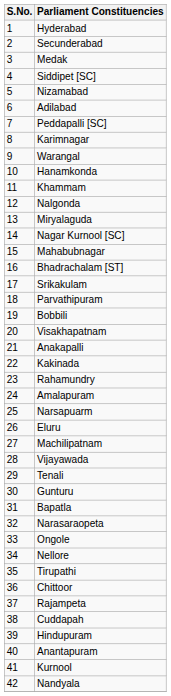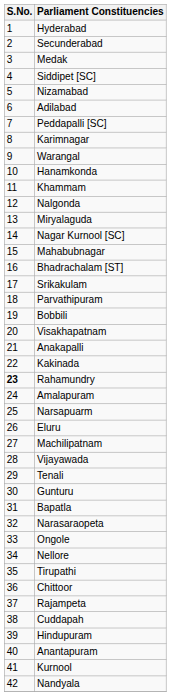 <table class="wikitable">
 <tr>
 <th>S.No.</th>
 <th>Parliament Constituencies</th>
 </tr>
 <tr>
 <td>1</td>
 <td>Hyderabad</td>
 </tr>
 <tr>
 <td>2</td>
 <td>Secunderabad</td>
 </tr>
 <tr>
 <td>3</td>
 <td>Medak</td>
 </tr>
 <tr>
 <td>4</td>
 <td>Siddipet [SC]</td>
 </tr>
 <tr>
 <td>5</td>
 <td>Nizamabad</td>
 </tr>
 <tr>
 <td>6</td>
 <td>Adilabad</td>
 </tr>
 <tr>
 <td>7</td>
 <td>Peddapalli [SC]</td>
 </tr>
 <tr>
 <td>8</td>
 <td>Karimnagar</td>
 </tr>
 <tr>
 <td>9</td>
 <td>Warangal</td>
 </tr>
 <tr>
 <td>10</td>
 <td>Hanamkonda</td>
 </tr>
 <tr>
 <td>11</td>
 <td>Khammam</td>
 </tr>
 <tr>
 <td>12</td>
 <td>Nalgonda</td>
 </tr>
 <tr>
 <td>13</td>
 <td>Miryalaguda</td>
 </tr>
 <tr>
 <td>14</td>
 <td>Nagar Kurnool [SC]</td>
 </tr>
 <tr>
 <td>15</td>
 <td>Mahabubnagar</td>
 </tr>
 <tr>
 <td>16</td>
 <td>Bhadrachalam [ST]</td>
 </tr>
 <tr>
 <td>17</td>
 <td>Srikakulam</td>
 </tr>
 <tr>
 <td>18</td>
 <td>Parvathipuram</td>
 </tr>
 <tr>
 <td>19</td>
 <td>Bobbili</td>
 </tr>
 <tr>
 <td>20</td>
 <td>Visakhapatnam</td>
 </tr>
 <tr>
 <td>21</td>
 <td>Anakapalli</td>
 </tr>
 <tr>
 <td>22</td>
 <td>Kakinada</td>
 </tr>
 <tr>
-<td>23</td>
+<td><strong>23</strong></td>
 <td>Rahamundry</td>
 </tr>
 <tr>
 <td>24</td>
 <td>Amalapuram</td>
 </tr>
 <tr>
 <td>25</td>
 <td>Narsapuarm</td>
 </tr>
 <tr>
 <td>26</td>
 <td>Eluru</td>
 </tr>
 <tr>
 <td>27</td>
 <td>Machilipatnam</td>
 </tr>
 <tr>
 <td>28</td>
 <td>Vijayawada</td>
 </tr>
 <tr>
 <td>29</td>
 <td>Tenali</td>
 </tr>
 <tr>
 <td>30</td>
 <td>Gunturu</td>
 </tr>
 <tr>
 <td>31</td>
 <td>Bapatla</td>
 </tr>
 <tr>
 <td>32</td>
 <td>Narasaraopeta</td>
 </tr>
 <tr>
 <td>33</td>
 <td>Ongole</td>
 </tr>
 <tr>
 <td>34</td>
 <td>Nellore</td>
 </tr>
 <tr>
 <td>35</td>
 <td>Tirupathi</td>
 </tr>
 <tr>
 <td>36</td>
 <td>Chittoor</td>
 </tr>
 <tr>
 <td>37</td>
 <td>Rajampeta</td>
 </tr>
 <tr>
 <td>38</td>
 <td>Cuddapah</td>
 </tr>
 <tr>
 <td>39</td>
 <td>Hindupuram</td>
 </tr>
 <tr>
 <td>40</td>
 <td>Anantapuram</td>
 </tr>
 <tr>
 <td>41</td>
 <td>Kurnool</td>
 </tr>
 <tr>
 <td>42</td>
 <td>Nandyala</td>
 </tr>
 <tr>
 </tr>
 </table>
